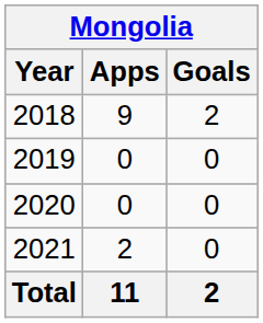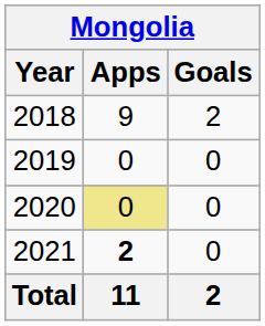 <table class="wikitable" style="text-align:center">
 <tr>
 <th colspan=3><a href='#'>Mongolia</a></th>
 </tr>
 <tr>
 <th>Year</th>
 <th>Apps</th>
 <th>Goals</th>
 </tr>
 <tr>
 <td>2018</td>
 <td>9</td>
 <td>2</td>
 </tr>
 <tr>
 <td>2019</td>
 <td>0</td>
 <td>0</td>
 </tr>
 <tr>
 <td>2020</td>
-<td>0</td>
+<td style="background: khaki;">0</td>
 <td>0</td>
 </tr>
 <tr>
 <td>2021</td>
-<td>2</td>
+<td><strong>2</strong></td>
 <td>0</td>
 </tr>
 <tr>
 <th>Total</th>
 <th>11</th>
 <th>2</th>
 </tr>
 </table>
